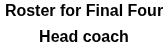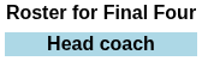 <table style="text-align: center; margin-top: 2em; margin-left: auto; margin-right: auto">
 <tr>
 <td><strong>Roster for Final Four</strong></td>
 </tr>
 <tr>
 <td></td>
 </tr>
 <tr>
-<td><strong>Head coach</strong></td>
+<td style="background: lightblue;"><strong>Head coach</strong></td>
 </tr>
 <tr>
 <td></td>
 </tr>
 </table>
